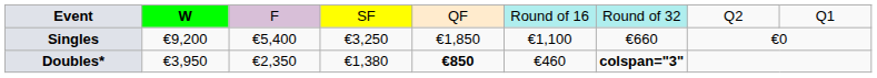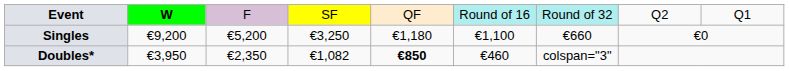 <table class=wikitable style=font-size:90%;text-align:center>
 <tr>
 <td style="width:130px; background:#dfe2e9;"><strong>Event</strong></td>
 <td style="width:80px; background:lime;"><strong>W</strong></td>
 <td style="width:85px; background:thistle;">F</td>
 <td style="width:85px; background:#ff0;">SF</td>
 <td style="width:85px; background:#ffebcd;">QF</td>
 <td style="width:85px; background:#afeeee;">Round of 16</td>
 <td style="width:85px; background:#afeeee;">Round of 32</td>
 <td width=85>Q2</td>
 <td width=85>Q1</td>
 </tr>
 <tr>
 <td style="background:#dfe2e9;"><strong>Singles</strong></td>
 <td>€9,200</td>
-<td>€5,400</td>
+<td>€5,200</td>
 <td>€3,250</td>
-<td>€1,850</td>
+<td>€1,180</td>
 <td>€1,100</td>
 <td>€660</td>
 <td colspan=2>€0</td>
 </tr>
 <tr>
 <td style="background:#dfe2e9;"><strong>Doubles*</strong></td>
 <td>€3,950</td>
 <td>€2,350</td>
-<td>€1,380</td>
+<td>€1,082</td>
 <td><strong>€850</strong></td>
 <td>€460</td>
-<td><strong>colspan="3" </strong></td>
+<td>colspan="3" </td>
 </tr>
 </table>
